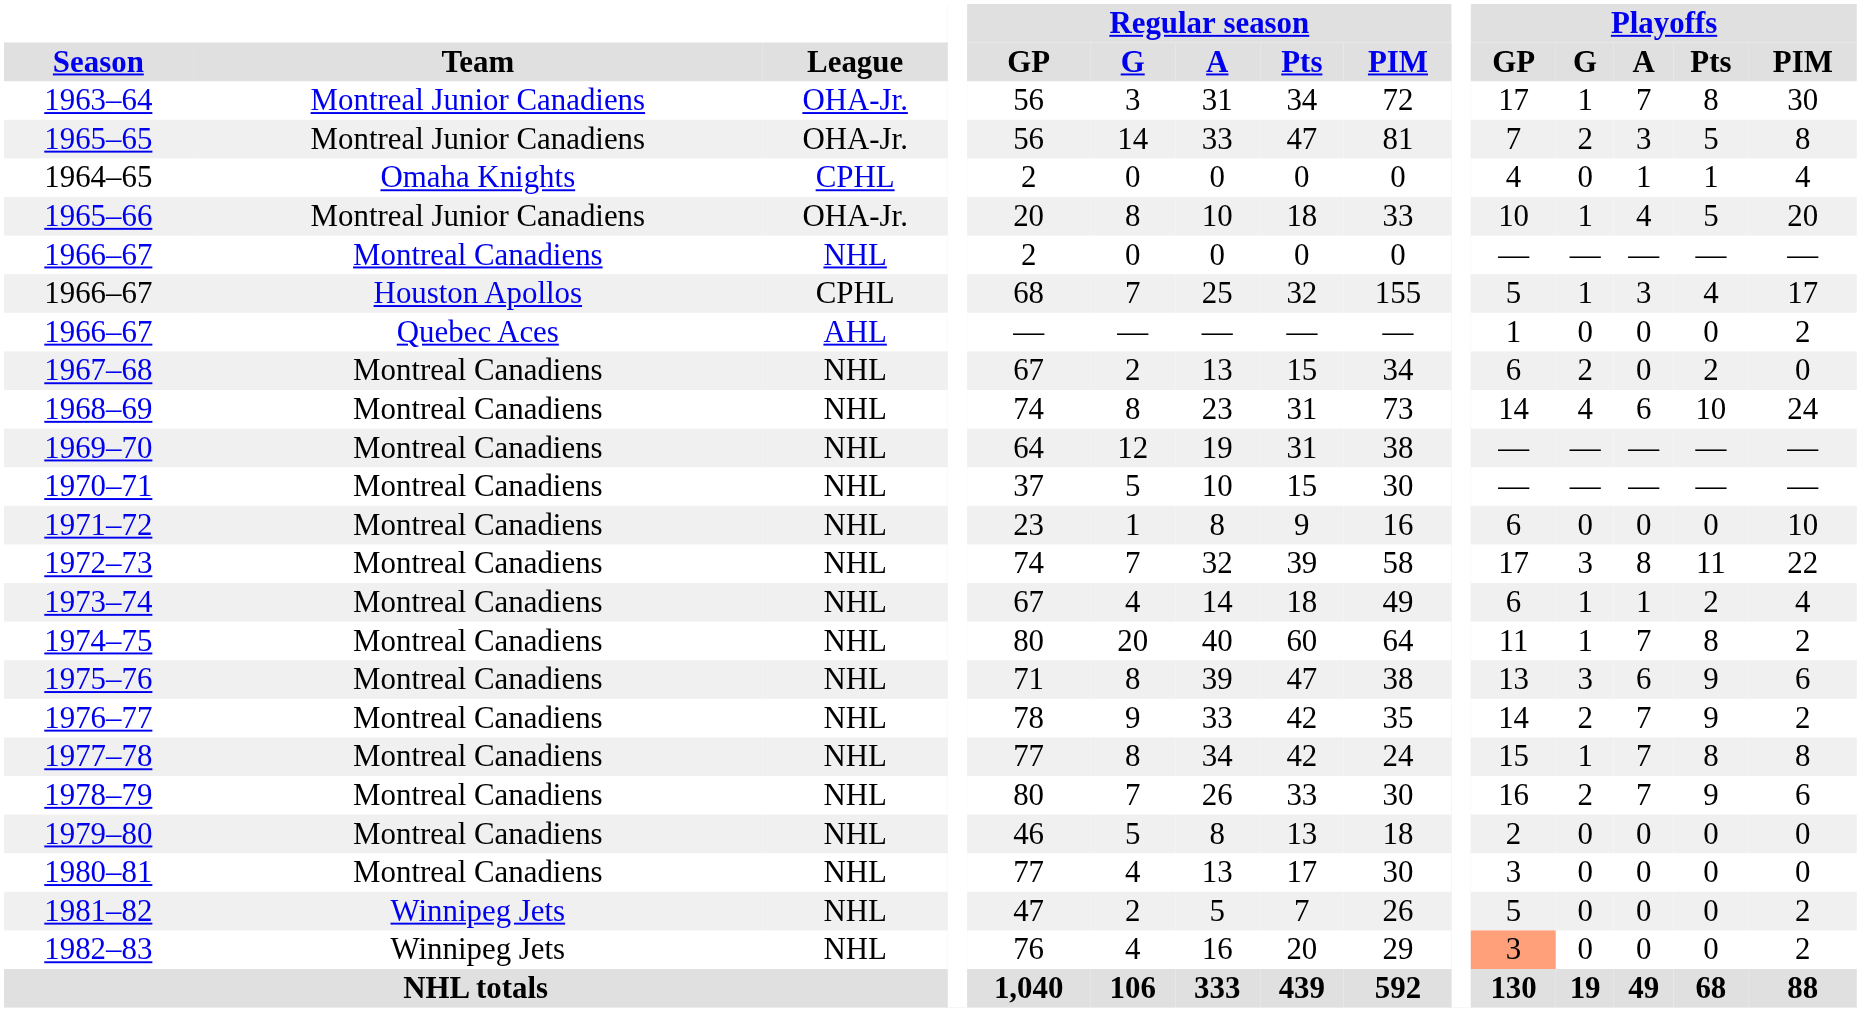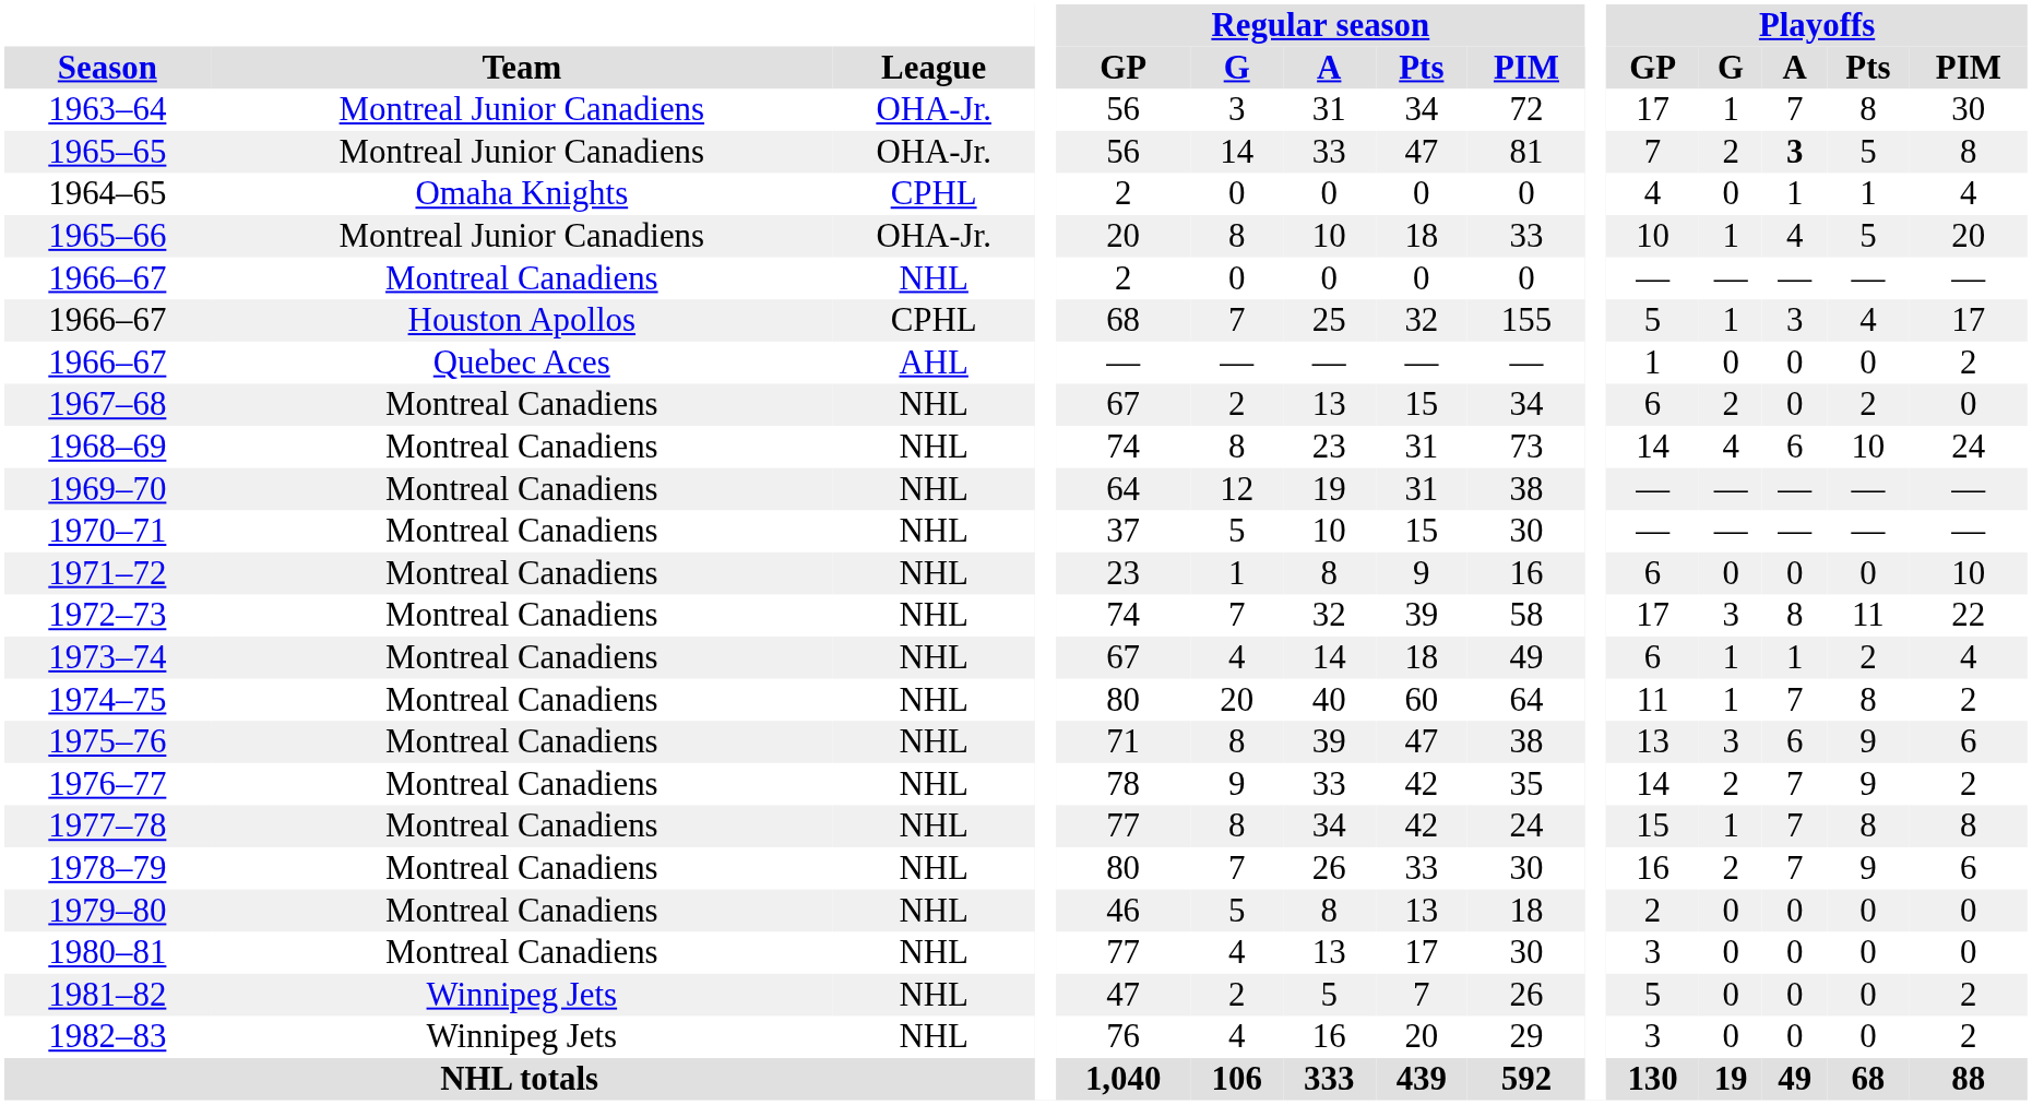 <table border="0" cellpadding="1" cellspacing="0" style="text-align:center; width:60em;">
 <tr style="background:#e0e0e0;">
 <th colspan="3"  bgcolor="#ffffff"> </th>
 <th rowspan="99" bgcolor="#ffffff"> </th>
 <th colspan="5"><a href='#'>Regular season</a></th>
 <th rowspan="99" bgcolor="#ffffff"> </th>
 <th colspan="5"><a href='#'>Playoffs</a></th>
 </tr>
 <tr style="background:#e0e0e0;">
 <th><a href='#'>Season</a></th>
 <th>Team</th>
 <th>League</th>
 <th>GP</th>
 <th><a href='#'>G</a></th>
 <th><a href='#'>A</a></th>
 <th><a href='#'>Pts</a></th>
 <th><a href='#'>PIM</a></th>
 <th>GP</th>
 <th>G</th>
 <th>A</th>
 <th>Pts</th>
 <th>PIM</th>
 </tr>
 <tr>
 <td><a href='#'>1963–64</a></td>
 <td><a href='#'>Montreal Junior Canadiens</a></td>
 <td><a href='#'>OHA-Jr.</a></td>
 <td>56</td>
 <td>3</td>
 <td>31</td>
 <td>34</td>
 <td>72</td>
 <td>17</td>
 <td>1</td>
 <td>7</td>
 <td>8</td>
 <td>30</td>
 </tr>
 <tr style="background:#f0f0f0;">
 <td><a href='#'>1965–65</a></td>
 <td>Montreal Junior Canadiens</td>
 <td>OHA-Jr.</td>
 <td>56</td>
 <td>14</td>
 <td>33</td>
 <td>47</td>
 <td>81</td>
 <td>7</td>
 <td>2</td>
-<td>3</td>
+<td><strong>3</strong></td>
 <td>5</td>
 <td>8</td>
 </tr>
 <tr>
 <td>1964–65</td>
 <td><a href='#'>Omaha Knights</a></td>
 <td><a href='#'>CPHL</a></td>
 <td>2</td>
 <td>0</td>
 <td>0</td>
 <td>0</td>
 <td>0</td>
 <td>4</td>
 <td>0</td>
 <td>1</td>
 <td>1</td>
 <td>4</td>
 </tr>
 <tr style="background:#f0f0f0;">
 <td><a href='#'>1965–66</a></td>
 <td>Montreal Junior Canadiens</td>
 <td>OHA-Jr.</td>
 <td>20</td>
 <td>8</td>
 <td>10</td>
 <td>18</td>
 <td>33</td>
 <td>10</td>
 <td>1</td>
 <td>4</td>
 <td>5</td>
 <td>20</td>
 </tr>
 <tr>
 <td><a href='#'>1966–67</a></td>
 <td><a href='#'>Montreal Canadiens</a></td>
 <td><a href='#'>NHL</a></td>
 <td>2</td>
 <td>0</td>
 <td>0</td>
 <td>0</td>
 <td>0</td>
 <td>—</td>
 <td>—</td>
 <td>—</td>
 <td>—</td>
 <td>—</td>
 </tr>
 <tr style="background:#f0f0f0;">
 <td>1966–67</td>
 <td><a href='#'>Houston Apollos</a></td>
 <td>CPHL</td>
 <td>68</td>
 <td>7</td>
 <td>25</td>
 <td>32</td>
 <td>155</td>
 <td>5</td>
 <td>1</td>
 <td>3</td>
 <td>4</td>
 <td>17</td>
 </tr>
 <tr>
 <td><a href='#'>1966–67</a></td>
 <td><a href='#'>Quebec Aces</a></td>
 <td><a href='#'>AHL</a></td>
 <td>—</td>
 <td>—</td>
 <td>—</td>
 <td>—</td>
 <td>—</td>
 <td>1</td>
 <td>0</td>
 <td>0</td>
 <td>0</td>
 <td>2</td>
 </tr>
 <tr style="background:#f0f0f0;">
 <td><a href='#'>1967–68</a></td>
 <td>Montreal Canadiens</td>
 <td>NHL</td>
 <td>67</td>
 <td>2</td>
 <td>13</td>
 <td>15</td>
 <td>34</td>
 <td>6</td>
 <td>2</td>
 <td>0</td>
 <td>2</td>
 <td>0</td>
 </tr>
 <tr>
 <td><a href='#'>1968–69</a></td>
 <td>Montreal Canadiens</td>
 <td>NHL</td>
 <td>74</td>
 <td>8</td>
 <td>23</td>
 <td>31</td>
 <td>73</td>
 <td>14</td>
 <td>4</td>
 <td>6</td>
 <td>10</td>
 <td>24</td>
 </tr>
 <tr style="background:#f0f0f0;">
 <td><a href='#'>1969–70</a></td>
 <td>Montreal Canadiens</td>
 <td>NHL</td>
 <td>64</td>
 <td>12</td>
 <td>19</td>
 <td>31</td>
 <td>38</td>
 <td>—</td>
 <td>—</td>
 <td>—</td>
 <td>—</td>
 <td>—</td>
 </tr>
 <tr>
 <td><a href='#'>1970–71</a></td>
 <td>Montreal Canadiens</td>
 <td>NHL</td>
 <td>37</td>
 <td>5</td>
 <td>10</td>
 <td>15</td>
 <td>30</td>
 <td>—</td>
 <td>—</td>
 <td>—</td>
 <td>—</td>
 <td>—</td>
 </tr>
 <tr style="background:#f0f0f0;">
 <td><a href='#'>1971–72</a></td>
 <td>Montreal Canadiens</td>
 <td>NHL</td>
 <td>23</td>
 <td>1</td>
 <td>8</td>
 <td>9</td>
 <td>16</td>
 <td>6</td>
 <td>0</td>
 <td>0</td>
 <td>0</td>
 <td>10</td>
 </tr>
 <tr>
 <td><a href='#'>1972–73</a></td>
 <td>Montreal Canadiens</td>
 <td>NHL</td>
 <td>74</td>
 <td>7</td>
 <td>32</td>
 <td>39</td>
 <td>58</td>
 <td>17</td>
 <td>3</td>
 <td>8</td>
 <td>11</td>
 <td>22</td>
 </tr>
 <tr style="background:#f0f0f0;">
 <td><a href='#'>1973–74</a></td>
 <td>Montreal Canadiens</td>
 <td>NHL</td>
 <td>67</td>
 <td>4</td>
 <td>14</td>
 <td>18</td>
 <td>49</td>
 <td>6</td>
 <td>1</td>
 <td>1</td>
 <td>2</td>
 <td>4</td>
 </tr>
 <tr>
 <td><a href='#'>1974–75</a></td>
 <td>Montreal Canadiens</td>
 <td>NHL</td>
 <td>80</td>
 <td>20</td>
 <td>40</td>
 <td>60</td>
 <td>64</td>
 <td>11</td>
 <td>1</td>
 <td>7</td>
 <td>8</td>
 <td>2</td>
 </tr>
 <tr style="background:#f0f0f0;">
 <td><a href='#'>1975–76</a></td>
 <td>Montreal Canadiens</td>
 <td>NHL</td>
 <td>71</td>
 <td>8</td>
 <td>39</td>
 <td>47</td>
 <td>38</td>
 <td>13</td>
 <td>3</td>
 <td>6</td>
 <td>9</td>
 <td>6</td>
 </tr>
 <tr>
 <td><a href='#'>1976–77</a></td>
 <td>Montreal Canadiens</td>
 <td>NHL</td>
 <td>78</td>
 <td>9</td>
 <td>33</td>
 <td>42</td>
 <td>35</td>
 <td>14</td>
 <td>2</td>
 <td>7</td>
 <td>9</td>
 <td>2</td>
 </tr>
 <tr style="background:#f0f0f0;">
 <td><a href='#'>1977–78</a></td>
 <td>Montreal Canadiens</td>
 <td>NHL</td>
 <td>77</td>
 <td>8</td>
 <td>34</td>
 <td>42</td>
 <td>24</td>
 <td>15</td>
 <td>1</td>
 <td>7</td>
 <td>8</td>
 <td>8</td>
 </tr>
 <tr>
 <td><a href='#'>1978–79</a></td>
 <td>Montreal Canadiens</td>
 <td>NHL</td>
 <td>80</td>
 <td>7</td>
 <td>26</td>
 <td>33</td>
 <td>30</td>
 <td>16</td>
 <td>2</td>
 <td>7</td>
 <td>9</td>
 <td>6</td>
 </tr>
 <tr style="background:#f0f0f0;">
 <td><a href='#'>1979–80</a></td>
 <td>Montreal Canadiens</td>
 <td>NHL</td>
 <td>46</td>
 <td>5</td>
 <td>8</td>
 <td>13</td>
 <td>18</td>
 <td>2</td>
 <td>0</td>
 <td>0</td>
 <td>0</td>
 <td>0</td>
 </tr>
 <tr>
 <td><a href='#'>1980–81</a></td>
 <td>Montreal Canadiens</td>
 <td>NHL</td>
 <td>77</td>
 <td>4</td>
 <td>13</td>
 <td>17</td>
 <td>30</td>
 <td>3</td>
 <td>0</td>
 <td>0</td>
 <td>0</td>
 <td>0</td>
 </tr>
 <tr style="background:#f0f0f0;">
 <td><a href='#'>1981–82</a></td>
 <td><a href='#'>Winnipeg Jets</a></td>
 <td>NHL</td>
 <td>47</td>
 <td>2</td>
 <td>5</td>
 <td>7</td>
 <td>26</td>
 <td>5</td>
 <td>0</td>
 <td>0</td>
 <td>0</td>
 <td>2</td>
 </tr>
 <tr>
 <td><a href='#'>1982–83</a></td>
 <td>Winnipeg Jets</td>
 <td>NHL</td>
 <td>76</td>
 <td>4</td>
 <td>16</td>
 <td>20</td>
 <td>29</td>
-<td style="background: lightsalmon;">3</td>
+<td>3</td>
 <td>0</td>
 <td>0</td>
 <td>0</td>
 <td>2</td>
 </tr>
 <tr style="background:#e0e0e0;">
 <th colspan="3">NHL totals</th>
 <th>1,040</th>
 <th>106</th>
 <th>333</th>
 <th>439</th>
 <th>592</th>
 <th>130</th>
 <th>19</th>
 <th>49</th>
 <th>68</th>
 <th>88</th>
 </tr>
 </table>
